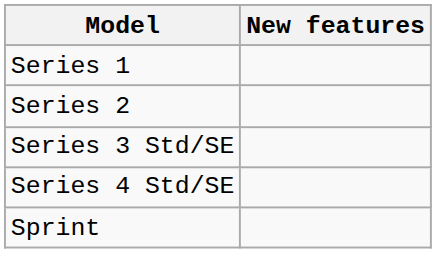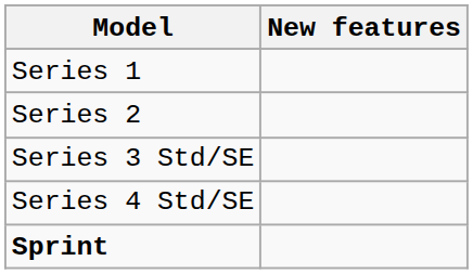 <table class="wikitable">
 <tr>
 <th>Model</th>
 <th>New features</th>
 </tr>
 <tr>
 <td>Series 1</td>
 <td></td>
 </tr>
 <tr>
 <td>Series 2</td>
 <td></td>
 </tr>
 <tr>
 <td>Series 3 Std/SE</td>
 <td></td>
 </tr>
 <tr>
 <td>Series 4 Std/SE</td>
 <td></td>
 </tr>
 <tr>
-<td>Sprint</td>
+<td><strong>Sprint</strong></td>
 <td></td>
 </tr>
 </table>
